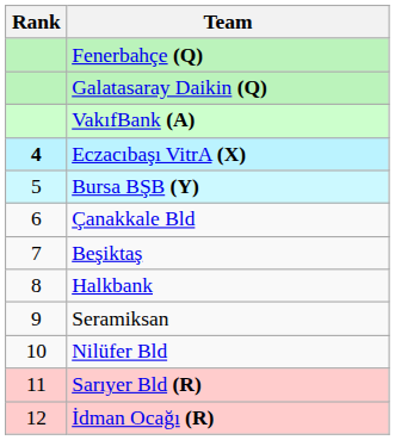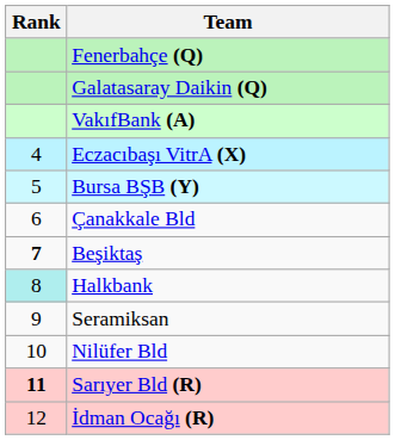 <table class="wikitable" style="text-align:center;">
 <tr>
 <th width=40>Rank</th>
 <th width=240>Team</th>
 </tr>
 <tr bgcolor=#bbf3bb>
 <td></td>
 <td style="text-align:left;"><a href='#'>Fenerbahçe</a> <strong>(Q)</strong></td>
 </tr>
 <tr bgcolor=#bbf3bb>
 <td></td>
 <td style="text-align:left;"><a href='#'>Galatasaray Daikin</a> <strong>(Q)</strong></td>
 </tr>
 <tr bgcolor=#ccffcc>
 <td></td>
 <td style="text-align:left;"><a href='#'>VakıfBank</a> <strong>(A)</strong></td>
 </tr>
 <tr bgcolor=#bbf3ff>
-<td><strong>4</strong></td>
+<td>4</td>
 <td style="text-align:left;"><a href='#'>Eczacıbaşı VitrA</a> <strong>(X)</strong></td>
 </tr>
 <tr bgcolor=#ccf9ff>
 <td>5</td>
 <td style="text-align:left;"><a href='#'>Bursa BŞB</a> <strong>(Y)</strong></td>
 </tr>
 <tr>
 <td>6</td>
 <td style="text-align:left;"><a href='#'>Çanakkale Bld</a></td>
 </tr>
 <tr>
-<td>7</td>
+<td><strong>7</strong></td>
 <td style="text-align:left;"><a href='#'>Beşiktaş</a></td>
 </tr>
 <tr>
-<td>8</td>
+<td style="background: paleturquoise;">8</td>
 <td style="text-align:left;"><a href='#'>Halkbank</a></td>
 </tr>
 <tr>
 <td>9</td>
 <td style="text-align:left;">Seramiksan</td>
 </tr>
 <tr>
 <td>10</td>
 <td style="text-align:left;"><a href='#'>Nilüfer Bld</a></td>
 </tr>
 <tr bgcolor=#ffcccc>
-<td>11</td>
+<td><strong>11</strong></td>
 <td style="text-align:left;"><a href='#'>Sarıyer Bld</a> <strong>(R)</strong></td>
 </tr>
 <tr bgcolor=#ffcccc>
 <td>12</td>
 <td style="text-align:left;"><a href='#'>İdman Ocağı</a> <strong>(R)</strong></td>
 </tr>
 </table>
